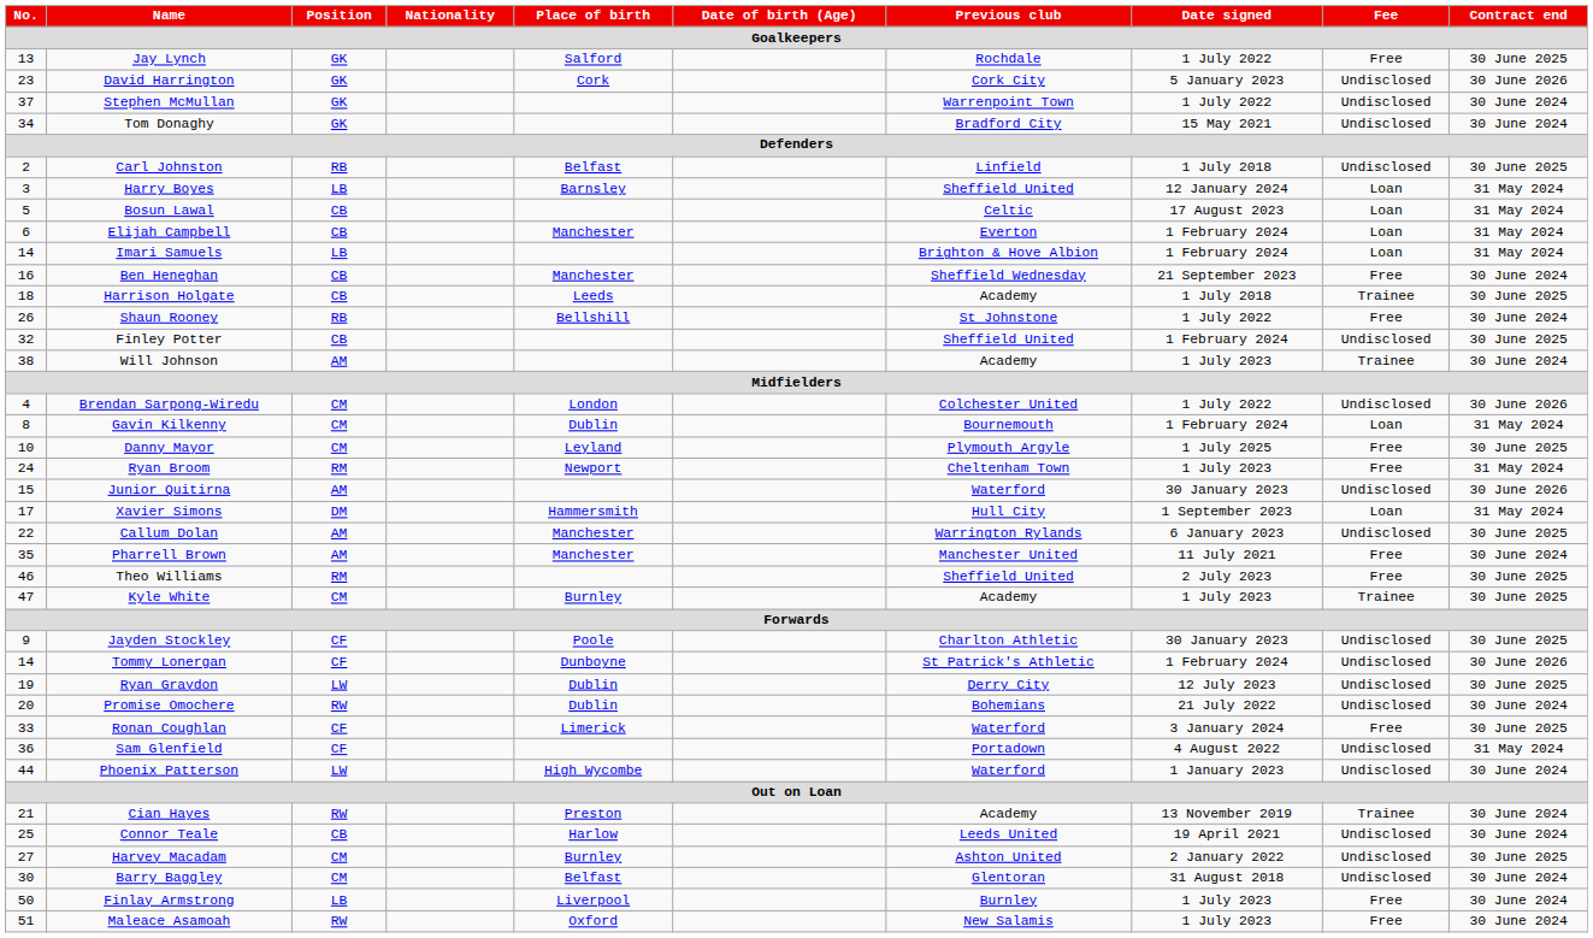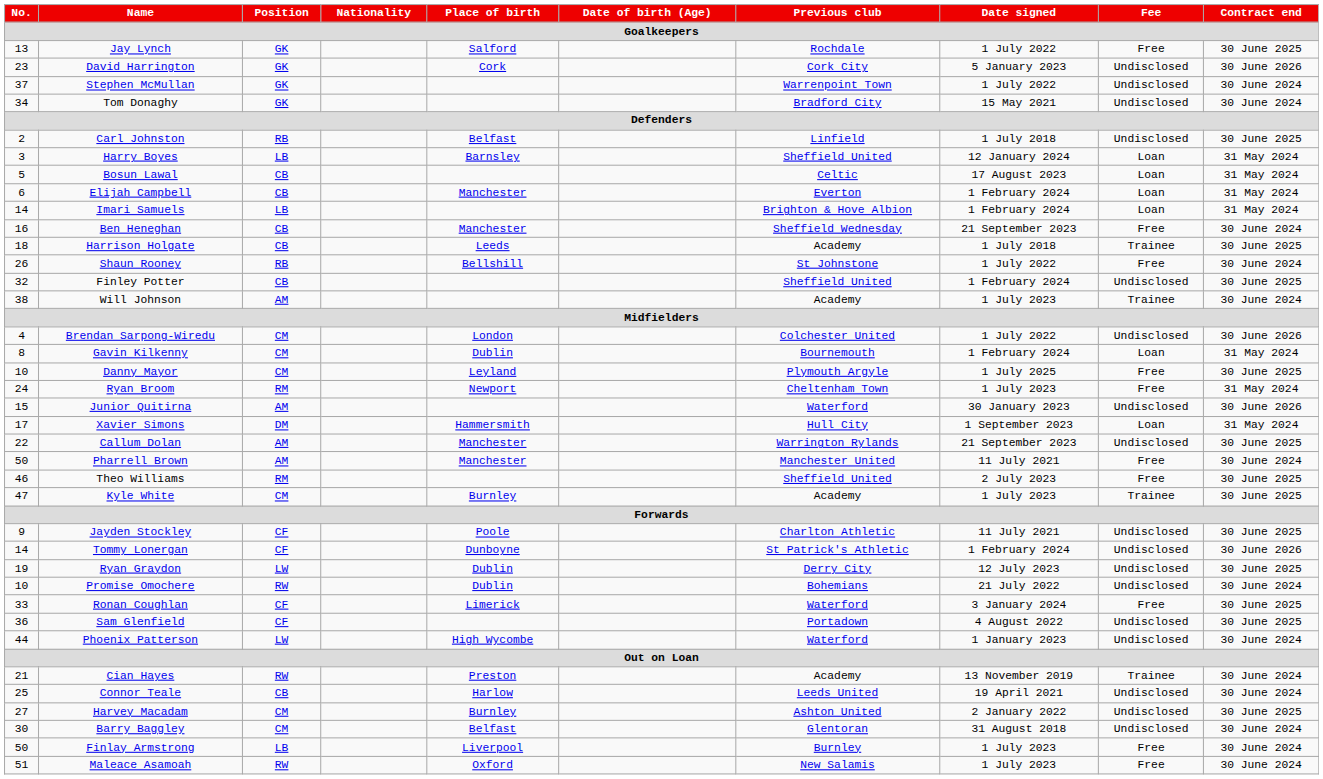 <table class="wikitable" style="text-align:center; font-size:84.5%; width:101%;">
 <tr>
 <th style="color:white; background:#e00; text-align:center;">No.</th>
 <th style="color:white; background:#e00; text-align:center;">Name</th>
 <th style="color:white; background:#e00; text-align:center;">Position</th>
 <th style="color:white; background:#e00; text-align:center;">Nationality</th>
 <th style="color:white; background:#e00; text-align:center;">Place of birth</th>
 <th style="color:white; background:#e00; text-align:center;">Date of birth (Age)</th>
 <th style="color:white; background:#e00; text-align:center;">Previous club</th>
 <th style="color:white; background:#e00; text-align:center;">Date signed</th>
 <th style="color:white; background:#e00; text-align:center;">Fee</th>
 <th style="color:white; background:#e00; text-align:center;">Contract end</th>
 </tr>
 <tr>
 <th colspan="14" style="background:#dcdcdc; tepxt-align:center;">Goalkeepers</th>
 </tr>
 <tr>
 <td>13</td>
 <td><a href='#'>Jay Lynch</a></td>
 <td><a href='#'>GK</a></td>
 <td></td>
 <td><a href='#'>Salford</a></td>
 <td></td>
 <td><a href='#'>Rochdale</a></td>
 <td>1 July 2022</td>
 <td>Free</td>
 <td>30 June 2025</td>
 </tr>
 <tr>
 <td>23</td>
 <td><a href='#'>David Harrington</a></td>
 <td><a href='#'>GK</a></td>
 <td></td>
 <td><a href='#'>Cork</a></td>
 <td></td>
 <td> <a href='#'>Cork City</a></td>
 <td>5 January 2023</td>
 <td>Undisclosed</td>
 <td>30 June 2026</td>
 </tr>
 <tr>
 <td>37</td>
 <td><a href='#'>Stephen McMullan</a></td>
 <td><a href='#'>GK</a></td>
 <td></td>
 <td></td>
 <td></td>
 <td> <a href='#'>Warrenpoint Town</a></td>
 <td>1 July 2022</td>
 <td>Undisclosed</td>
 <td>30 June 2024</td>
 </tr>
 <tr>
 <td>34</td>
 <td>Tom Donaghy</td>
 <td><a href='#'>GK</a></td>
 <td></td>
 <td></td>
 <td></td>
 <td><a href='#'>Bradford City</a></td>
 <td>15 May 2021</td>
 <td>Undisclosed</td>
 <td>30 June 2024</td>
 </tr>
 <tr>
 <th colspan="14" style="background:#dcdcdc; tepxt-align:center;">Defenders</th>
 </tr>
 <tr>
 <td>2</td>
 <td><a href='#'>Carl Johnston</a></td>
 <td><a href='#'>RB</a></td>
 <td></td>
 <td><a href='#'>Belfast</a></td>
 <td></td>
 <td> <a href='#'>Linfield</a></td>
 <td>1 July 2018</td>
 <td>Undisclosed</td>
 <td>30 June 2025</td>
 </tr>
 <tr>
 <td>3</td>
 <td><a href='#'>Harry Boyes</a></td>
 <td><a href='#'>LB</a></td>
 <td></td>
 <td><a href='#'>Barnsley</a></td>
 <td></td>
 <td><a href='#'>Sheffield United</a></td>
 <td>12 January 2024</td>
 <td>Loan</td>
 <td>31 May 2024</td>
 </tr>
 <tr>
 <td>5</td>
 <td><a href='#'>Bosun Lawal</a></td>
 <td><a href='#'>CB</a></td>
 <td></td>
 <td></td>
 <td></td>
 <td> <a href='#'>Celtic</a></td>
 <td>17 August 2023</td>
 <td>Loan</td>
 <td>31 May 2024</td>
 </tr>
 <tr>
 <td>6</td>
 <td><a href='#'>Elijah Campbell</a></td>
 <td><a href='#'>CB</a></td>
 <td></td>
 <td><a href='#'>Manchester</a></td>
 <td></td>
 <td><a href='#'>Everton</a></td>
 <td>1 February 2024</td>
 <td>Loan</td>
 <td>31 May 2024</td>
 </tr>
 <tr>
 <td>14</td>
 <td><a href='#'>Imari Samuels</a></td>
 <td><a href='#'>LB</a></td>
 <td></td>
 <td></td>
 <td></td>
 <td><a href='#'>Brighton & Hove Albion</a></td>
 <td>1 February 2024</td>
 <td>Loan</td>
 <td>31 May 2024</td>
 </tr>
 <tr>
 <td>16</td>
 <td><a href='#'>Ben Heneghan</a></td>
 <td><a href='#'>CB</a></td>
 <td></td>
 <td><a href='#'>Manchester</a></td>
 <td></td>
 <td><a href='#'>Sheffield Wednesday</a></td>
 <td>21 September 2023</td>
 <td>Free</td>
 <td>30 June 2024</td>
 </tr>
 <tr>
 <td>18</td>
 <td><a href='#'>Harrison Holgate</a></td>
 <td><a href='#'>CB</a></td>
 <td></td>
 <td><a href='#'>Leeds</a></td>
 <td></td>
 <td>Academy</td>
 <td>1 July 2018</td>
 <td>Trainee</td>
 <td>30 June 2025</td>
 </tr>
 <tr>
 <td>26</td>
 <td><a href='#'>Shaun Rooney</a></td>
 <td><a href='#'>RB</a></td>
 <td></td>
 <td><a href='#'>Bellshill</a></td>
 <td></td>
 <td> <a href='#'>St Johnstone</a></td>
 <td>1 July 2022</td>
 <td>Free</td>
 <td>30 June 2024</td>
 </tr>
 <tr>
 <td>32</td>
 <td>Finley Potter</td>
 <td><a href='#'>CB</a></td>
 <td></td>
 <td></td>
 <td></td>
 <td><a href='#'>Sheffield United</a></td>
 <td>1 February 2024</td>
 <td>Undisclosed</td>
 <td>30 June 2025</td>
 </tr>
 <tr>
 <td>38</td>
 <td>Will Johnson</td>
 <td><a href='#'>AM</a></td>
 <td></td>
 <td></td>
 <td></td>
 <td>Academy</td>
 <td>1 July 2023</td>
 <td>Trainee</td>
 <td>30 June 2024</td>
 </tr>
 <tr>
 <th colspan="14" style="background:#dcdcdc; tepxt-align:center;">Midfielders</th>
 </tr>
 <tr>
 <td>4</td>
 <td><a href='#'>Brendan Sarpong-Wiredu</a></td>
 <td><a href='#'>CM</a></td>
 <td></td>
 <td><a href='#'>London</a></td>
 <td></td>
 <td><a href='#'>Colchester United</a></td>
 <td>1 July 2022</td>
 <td>Undisclosed</td>
 <td>30 June 2026</td>
 </tr>
 <tr>
 <td>8</td>
 <td><a href='#'>Gavin Kilkenny</a></td>
 <td><a href='#'>CM</a></td>
 <td></td>
 <td><a href='#'>Dublin</a></td>
 <td></td>
 <td><a href='#'>Bournemouth</a></td>
 <td>1 February 2024</td>
 <td>Loan</td>
 <td>31 May 2024</td>
 </tr>
 <tr>
 <td>10</td>
 <td><a href='#'>Danny Mayor</a></td>
 <td><a href='#'>CM</a></td>
 <td></td>
 <td><a href='#'>Leyland</a></td>
 <td></td>
 <td><a href='#'>Plymouth Argyle</a></td>
 <td>1 July 2025</td>
 <td>Free</td>
 <td>30 June 2025</td>
 </tr>
 <tr>
 <td>24</td>
 <td><a href='#'>Ryan Broom</a></td>
 <td><a href='#'>RM</a></td>
 <td></td>
 <td><a href='#'>Newport</a></td>
 <td></td>
 <td><a href='#'>Cheltenham Town</a></td>
 <td>1 July 2023</td>
 <td>Free</td>
 <td>31 May 2024</td>
 </tr>
 <tr>
 <td>15</td>
 <td><a href='#'>Junior Quitirna</a></td>
 <td><a href='#'>AM</a></td>
 <td></td>
 <td></td>
 <td></td>
 <td> <a href='#'>Waterford</a></td>
 <td>30 January 2023</td>
 <td>Undisclosed</td>
 <td>30 June 2026</td>
 </tr>
 <tr>
 <td>17</td>
 <td><a href='#'>Xavier Simons</a></td>
 <td><a href='#'>DM</a></td>
 <td></td>
 <td><a href='#'>Hammersmith</a></td>
 <td></td>
 <td><a href='#'>Hull City</a></td>
 <td>1 September 2023</td>
 <td>Loan</td>
 <td>31 May 2024</td>
 </tr>
 <tr>
 <td>22</td>
 <td><a href='#'>Callum Dolan</a></td>
 <td><a href='#'>AM</a></td>
 <td></td>
 <td><a href='#'>Manchester</a></td>
 <td></td>
 <td><a href='#'>Warrington Rylands</a></td>
-<td>6 January 2023</td>
+<td>21 September 2023</td>
 <td>Undisclosed</td>
 <td>30 June 2025</td>
 </tr>
 <tr>
-<td>35</td>
+<td>50</td>
 <td><a href='#'>Pharrell Brown</a></td>
 <td><a href='#'>AM</a></td>
 <td></td>
 <td><a href='#'>Manchester</a></td>
 <td></td>
 <td><a href='#'>Manchester United</a></td>
 <td>11 July 2021</td>
 <td>Free</td>
 <td>30 June 2024</td>
 </tr>
 <tr>
 <td>46</td>
 <td>Theo Williams</td>
 <td><a href='#'>RM</a></td>
 <td></td>
 <td></td>
 <td></td>
 <td><a href='#'>Sheffield United</a></td>
 <td>2 July 2023</td>
 <td>Free</td>
 <td>30 June 2025</td>
 </tr>
 <tr>
 <td>47</td>
 <td><a href='#'>Kyle White</a></td>
 <td><a href='#'>CM</a></td>
 <td></td>
 <td><a href='#'>Burnley</a></td>
 <td></td>
 <td>Academy</td>
 <td>1 July 2023</td>
 <td>Trainee</td>
 <td>30 June 2025</td>
 </tr>
 <tr>
 <th colspan="14" style="background:#dcdcdc; tepxt-align:center;">Forwards</th>
 </tr>
 <tr>
 <td>9</td>
 <td><a href='#'>Jayden Stockley</a></td>
 <td><a href='#'>CF</a></td>
 <td></td>
 <td><a href='#'>Poole</a></td>
 <td></td>
 <td><a href='#'>Charlton Athletic</a></td>
-<td>30 January 2023</td>
+<td>11 July 2021</td>
 <td>Undisclosed</td>
 <td>30 June 2025</td>
 </tr>
 <tr>
 <td>14</td>
 <td><a href='#'>Tommy Lonergan</a></td>
 <td><a href='#'>CF</a></td>
 <td></td>
 <td><a href='#'>Dunboyne</a></td>
 <td></td>
 <td> <a href='#'>St Patrick's Athletic</a></td>
 <td>1 February 2024</td>
 <td>Undisclosed</td>
 <td>30 June 2026</td>
 </tr>
 <tr>
 <td>19</td>
 <td><a href='#'>Ryan Graydon</a></td>
 <td><a href='#'>LW</a></td>
 <td></td>
 <td><a href='#'>Dublin</a></td>
 <td></td>
 <td> <a href='#'>Derry City</a></td>
 <td>12 July 2023</td>
 <td>Undisclosed</td>
 <td>30 June 2025</td>
 </tr>
 <tr>
-<td>20</td>
+<td>10</td>
 <td><a href='#'>Promise Omochere</a></td>
 <td><a href='#'>RW</a></td>
 <td></td>
 <td><a href='#'>Dublin</a></td>
 <td></td>
 <td> <a href='#'>Bohemians</a></td>
 <td>21 July 2022</td>
 <td>Undisclosed</td>
 <td>30 June 2024</td>
 </tr>
 <tr>
 <td>33</td>
 <td><a href='#'>Ronan Coughlan</a></td>
 <td><a href='#'>CF</a></td>
 <td></td>
 <td><a href='#'>Limerick</a></td>
 <td></td>
 <td> <a href='#'>Waterford</a></td>
 <td>3 January 2024</td>
 <td>Free</td>
 <td>30 June 2025</td>
 </tr>
 <tr>
 <td>36</td>
 <td><a href='#'>Sam Glenfield</a></td>
 <td><a href='#'>CF</a></td>
 <td></td>
 <td></td>
 <td></td>
 <td> <a href='#'>Portadown</a></td>
 <td>4 August 2022</td>
 <td>Undisclosed</td>
-<td>31 May 2024</td>
+<td>30 June 2025</td>
 </tr>
 <tr>
 <td>44</td>
 <td><a href='#'>Phoenix Patterson</a></td>
 <td><a href='#'>LW</a></td>
 <td></td>
 <td> <a href='#'>High Wycombe</a></td>
 <td></td>
 <td> <a href='#'>Waterford</a></td>
 <td>1 January 2023</td>
 <td>Undisclosed</td>
 <td>30 June 2024</td>
 </tr>
 <tr>
 <th colspan="14" style="background:#dcdcdc; tepxt-align:center;">Out on Loan</th>
 </tr>
 <tr>
 <td>21</td>
 <td><a href='#'>Cian Hayes</a></td>
 <td><a href='#'>RW</a></td>
 <td></td>
 <td> <a href='#'>Preston</a></td>
 <td></td>
 <td>Academy</td>
 <td>13 November 2019</td>
 <td>Trainee</td>
 <td>30 June 2024</td>
 </tr>
 <tr>
 <td>25</td>
 <td><a href='#'>Connor Teale</a></td>
 <td><a href='#'>CB</a></td>
 <td></td>
 <td><a href='#'>Harlow</a></td>
 <td></td>
 <td><a href='#'>Leeds United</a></td>
 <td>19 April 2021</td>
 <td>Undisclosed</td>
 <td>30 June 2024</td>
 </tr>
 <tr>
 <td>27</td>
 <td><a href='#'>Harvey Macadam</a></td>
 <td><a href='#'>CM</a></td>
 <td></td>
 <td><a href='#'>Burnley</a></td>
 <td></td>
 <td><a href='#'>Ashton United</a></td>
 <td>2 January 2022</td>
 <td>Undisclosed</td>
 <td>30 June 2025</td>
 </tr>
 <tr>
 <td>30</td>
 <td><a href='#'>Barry Baggley</a></td>
 <td><a href='#'>CM</a></td>
 <td></td>
 <td><a href='#'>Belfast</a></td>
 <td></td>
 <td> <a href='#'>Glentoran</a></td>
 <td>31 August 2018</td>
 <td>Undisclosed</td>
 <td>30 June 2024</td>
 </tr>
 <tr>
 <td>50</td>
 <td><a href='#'>Finlay Armstrong</a></td>
 <td><a href='#'>LB</a></td>
 <td></td>
 <td><a href='#'>Liverpool</a></td>
 <td></td>
 <td><a href='#'>Burnley</a></td>
 <td>1 July 2023</td>
 <td>Free</td>
 <td>30 June 2024</td>
 </tr>
 <tr>
 <td>51</td>
 <td><a href='#'>Maleace Asamoah</a></td>
 <td><a href='#'>RW</a></td>
 <td></td>
 <td><a href='#'>Oxford</a></td>
 <td></td>
 <td><a href='#'>New Salamis</a></td>
 <td>1 July 2023</td>
 <td>Free</td>
 <td>30 June 2024</td>
 </tr>
 </table>
